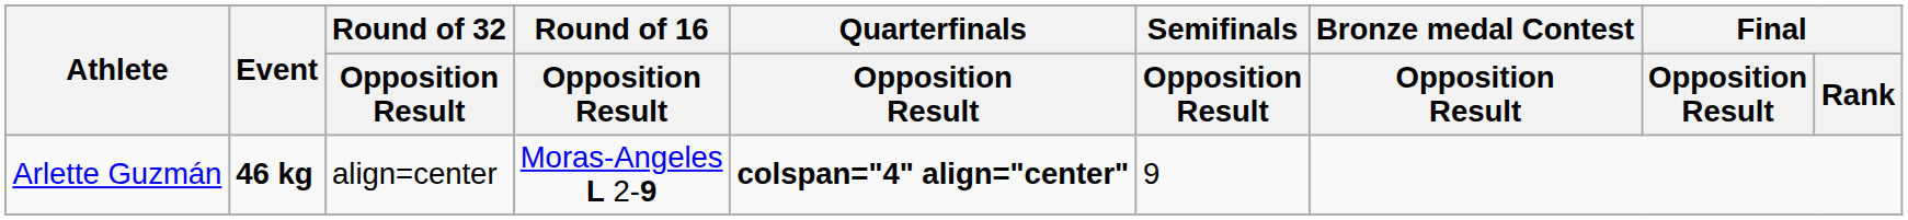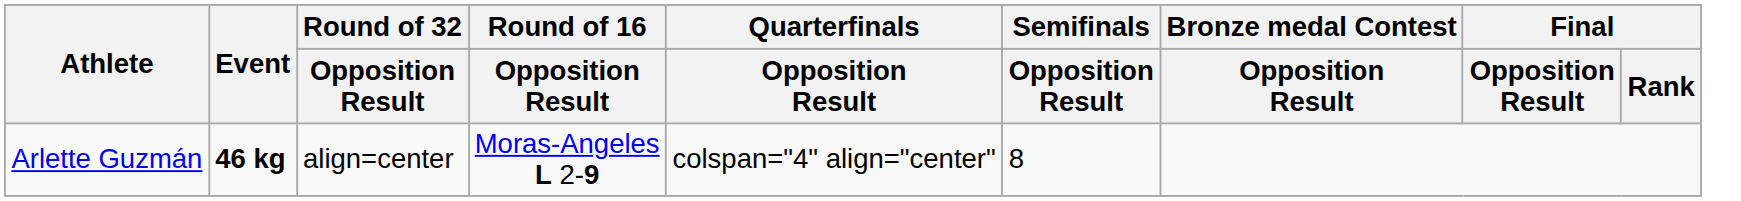 <table class="wikitable" style="font-size:90%">
 <tr>
 <th rowspan="2">Athlete</th>
 <th rowspan="2">Event</th>
 <th colspan="1">Round of 32</th>
 <th colspan="1">Round of 16</th>
 <th colspan="1">Quarterfinals</th>
 <th colspan="1">Semifinals</th>
 <th colspan="1">Bronze medal Contest</th>
 <th colspan="2">Final</th>
 </tr>
 <tr>
 <th>Opposition<br>Result</th>
 <th>Opposition<br>Result</th>
 <th>Opposition<br>Result</th>
 <th>Opposition<br>Result</th>
 <th>Opposition<br>Result</th>
 <th>Opposition<br>Result</th>
 <th>Rank</th>
 </tr>
 <tr>
 <td><a href='#'>Arlette Guzmán</a></td>
 <td><strong>46 kg</strong></td>
 <td>align=center </td>
 <td align=center> <a href='#'>Moras-Angeles</a> <br><strong>L</strong> 2-<strong>9</strong></td>
-<td><strong>colspan="4" align="center" </strong></td>
-<td>9</td>
+<td>colspan="4" align="center" </td>
+<td>8</td>
 </tr>
 </table>
